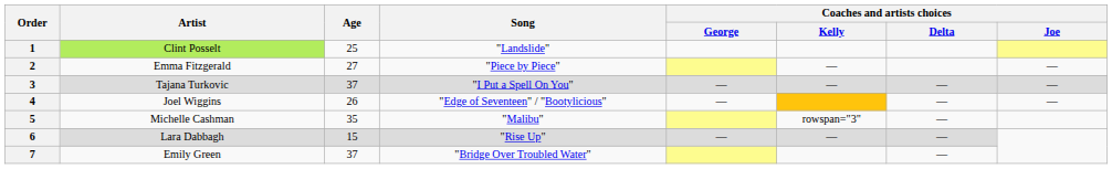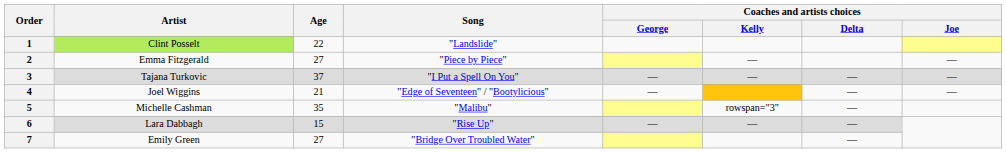 <table class="wikitable" style="text-align:center; width:100%;">
 <tr>
 <th scope="col" rowspan="2" style="width:05%;">Order</th>
 <th scope="col" rowspan="2" style="width:24%;">Artist</th>
 <th scope="col" rowspan="2" style="width:05%;">Age</th>
 <th scope="col" rowspan="2" style="width:26%;">Song</th>
 <th colspan="4" style="width:40%;">Coaches and artists choices</th>
 </tr>
 <tr>
 <th style="width:10%;"><a href='#'>George</a></th>
 <th style="width:10%;"><a href='#'>Kelly</a></th>
 <th style="width:10%;"><a href='#'>Delta</a></th>
 <th style="width:10%;"><a href='#'>Joe</a></th>
 </tr>
 <tr>
 <th>1</th>
 <td style="background-color:#B2EC5D;">Clint Posselt</td>
-<td>25</td>
+<td>22</td>
 <td>"<a href='#'>Landslide</a>"</td>
 <td> <strong></strong> </td>
 <td> <strong></strong> </td>
 <td> <strong></strong> </td>
 <td style="background-color:#FDFC8F;"> <strong></strong> </td>
 </tr>
 <tr>
 <th>2</th>
 <td>Emma Fitzgerald</td>
 <td>27</td>
 <td>"<a href='#'>Piece by Piece</a>"</td>
 <td style="background-color:#FDFC8F;"> <strong></strong> </td>
 <td>—</td>
 <td> <strong></strong> </td>
 <td>—</td>
 </tr>
 <tr>
 <th>3</th>
 <td style="background-color:#DCDCDC;">Tajana Turkovic</td>
 <td style="background-color:#DCDCDC;">37</td>
 <td style="background-color:#DCDCDC;">"<a href='#'>I Put a Spell On You</a>"</td>
 <td style="background-color:#DCDCDC;">—</td>
 <td style="background-color:#DCDCDC;">—</td>
 <td style="background-color:#DCDCDC;">—</td>
 <td style="background-color:#DCDCDC;">—</td>
 </tr>
 <tr>
 <th>4</th>
 <td>Joel Wiggins</td>
-<td>26</td>
+<td>21</td>
 <td>"<a href='#'>Edge of Seventeen</a>" / "<a href='#'>Bootylicious</a>"</td>
 <td>—</td>
 <td style="background-color:#FFC40C;"> <strong></strong> </td>
 <td>—</td>
 <td>—</td>
 </tr>
 <tr>
 <th>5</th>
 <td>Michelle Cashman</td>
 <td>35</td>
 <td>"<a href='#'>Malibu</a>"</td>
 <td style="background-color:#FDFC8F;"> <strong></strong> </td>
 <td>rowspan="3" </td>
 <td>—</td>
 <td> <strong></strong> </td>
 </tr>
 <tr>
 <th>6</th>
 <td style="background-color:#DCDCDC;">Lara Dabbagh</td>
 <td style="background-color:#DCDCDC;">15</td>
 <td style="background-color:#DCDCDC;">"<a href='#'>Rise Up</a>"</td>
 <td style="background-color:#DCDCDC;">—</td>
 <td style="background-color:#DCDCDC;">—</td>
 <td style="background-color:#DCDCDC;">—</td>
 </tr>
 <tr>
 <th>7</th>
 <td>Emily Green</td>
-<td>37</td>
+<td>27</td>
 <td>"<a href='#'>Bridge Over Troubled Water</a>"</td>
 <td style="background-color:#FDFC8F;"> <strong></strong> </td>
 <td> <strong></strong> </td>
 <td>—</td>
 </tr>
 </table>
